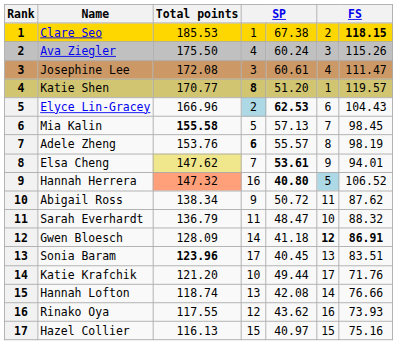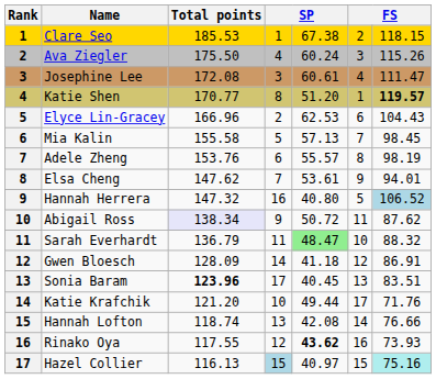 <table class="wikitable sortable">
 <tr>
 <th>Rank</th>
 <th>Name</th>
 <th>Total points</th>
 <th colspan="2" width="80px"><a href='#'>SP</a></th>
 <th colspan="2" width="80px"><a href='#'>FS</a></th>
 </tr>
 <tr bgcolor="gold">
 <td align="center"><strong>1</strong></td>
 <td><a href='#'>Clare Seo</a></td>
 <td align="center">185.53</td>
 <td align="center">1</td>
 <td align="center">67.38</td>
 <td align="center">2</td>
-<td align="center"><strong>118.15</strong></td>
+<td align="center">118.15</td>
 </tr>
 <tr bgcolor="silver">
 <td align="center"><strong>2</strong></td>
 <td><a href='#'>Ava Ziegler</a></td>
 <td align="center">175.50</td>
 <td align="center">4</td>
 <td align="center">60.24</td>
 <td align="center">3</td>
 <td align="center">115.26</td>
 </tr>
 <tr bgcolor="cc9966">
 <td align="center"><strong>3</strong></td>
 <td>Josephine Lee</td>
 <td align="center">172.08</td>
 <td align="center">3</td>
 <td align="center">60.61</td>
 <td align="center">4</td>
 <td align="center">111.47</td>
 </tr>
 <tr bgcolor="#d1c571">
 <td align="center"><strong>4</strong></td>
 <td>Katie Shen</td>
 <td align="center">170.77</td>
-<td align="center"><strong>8</strong></td>
+<td align="center">8</td>
 <td align="center">51.20</td>
 <td align="center">1</td>
-<td align="center">119.57</td>
+<td align="center"><strong>119.57</strong></td>
 </tr>
 <tr>
 <th>5</th>
 <td><a href='#'>Elyce Lin-Gracey</a></td>
 <td align="center">166.96</td>
-<td align="center" style="background: lightblue;">2</td>
-<td align="center"><strong>62.53</strong></td>
+<td align="center">2</td>
+<td align="center">62.53</td>
 <td align="center">6</td>
 <td align="center">104.43</td>
 </tr>
 <tr>
 <th>6</th>
 <td>Mia Kalin</td>
-<td align="center"><strong>155.58</strong></td>
+<td align="center">155.58</td>
 <td align="center">5</td>
 <td align="center">57.13</td>
 <td align="center">7</td>
 <td align="center">98.45</td>
 </tr>
 <tr>
 <th>7</th>
 <td>Adele Zheng</td>
 <td align="center">153.76</td>
-<td align="center"><strong>6</strong></td>
+<td align="center">6</td>
 <td align="center">55.57</td>
 <td align="center">8</td>
 <td align="center">98.19</td>
 </tr>
 <tr>
 <th>8</th>
 <td>Elsa Cheng</td>
-<td align="center" style="background: khaki;">147.62</td>
+<td align="center">147.62</td>
 <td align="center">7</td>
-<td align="center"><strong>53.61</strong></td>
+<td align="center">53.61</td>
 <td align="center">9</td>
 <td align="center">94.01</td>
 </tr>
 <tr>
 <th>9</th>
 <td>Hannah Herrera</td>
-<td align="center" style="background: lightsalmon;">147.32</td>
+<td align="center">147.32</td>
 <td align="center">16</td>
-<td align="center"><strong>40.80</strong></td>
-<td align="center" style="background: lightblue;">5</td>
-<td align="center">106.52</td>
+<td align="center">40.80</td>
+<td align="center">5</td>
+<td align="center" style="background: lightblue;">106.52</td>
 </tr>
 <tr>
 <th>10</th>
 <td>Abigail Ross</td>
-<td align="center">138.34</td>
+<td align="center" style="background: lavender;">138.34</td>
 <td align="center">9</td>
 <td align="center">50.72</td>
 <td align="center">11</td>
 <td align="center">87.62</td>
 </tr>
 <tr>
 <th>11</th>
 <td>Sarah Everhardt</td>
 <td align="center">136.79</td>
 <td align="center">11</td>
-<td align="center">48.47</td>
+<td align="center" style="background: lightgreen;">48.47</td>
 <td align="center">10</td>
 <td align="center">88.32</td>
 </tr>
 <tr>
 <th>12</th>
 <td>Gwen Bloesch</td>
 <td align="center">128.09</td>
 <td align="center">14</td>
 <td align="center">41.18</td>
-<td align="center"><strong>12</strong></td>
-<td align="center"><strong>86.91</strong></td>
+<td align="center">12</td>
+<td align="center">86.91</td>
 </tr>
 <tr>
 <th>13</th>
 <td>Sonia Baram</td>
 <td align="center"><strong>123.96</strong></td>
 <td align="center">17</td>
 <td align="center">40.45</td>
 <td align="center">13</td>
 <td align="center">83.51</td>
 </tr>
 <tr>
 <th>14</th>
 <td>Katie Krafchik</td>
 <td align="center">121.20</td>
 <td align="center">10</td>
 <td align="center">49.44</td>
 <td align="center">17</td>
 <td align="center">71.76</td>
 </tr>
 <tr>
 <th>15</th>
 <td>Hannah Lofton</td>
 <td align="center">118.74</td>
 <td align="center">13</td>
 <td align="center">42.08</td>
 <td align="center">14</td>
 <td align="center">76.66</td>
 </tr>
 <tr>
 <th>16</th>
 <td>Rinako Oya</td>
 <td align="center">117.55</td>
 <td align="center">12</td>
-<td align="center">43.62</td>
+<td align="center"><strong>43.62</strong></td>
 <td align="center">16</td>
 <td align="center">73.93</td>
 </tr>
 <tr>
 <th>17</th>
 <td>Hazel Collier</td>
 <td align="center">116.13</td>
-<td align="center">15</td>
+<td align="center" style="background: lightblue;">15</td>
 <td align="center">40.97</td>
 <td align="center">15</td>
-<td align="center">75.16</td>
+<td align="center" style="background: paleturquoise;">75.16</td>
 </tr>
 </table>
